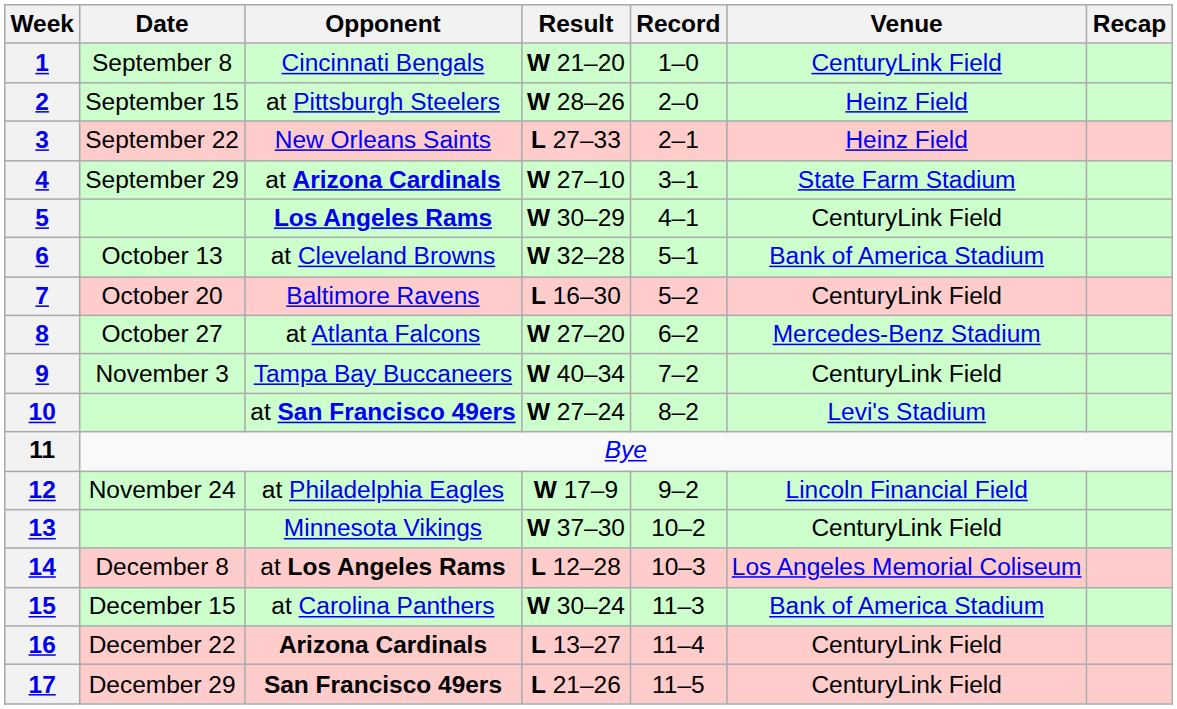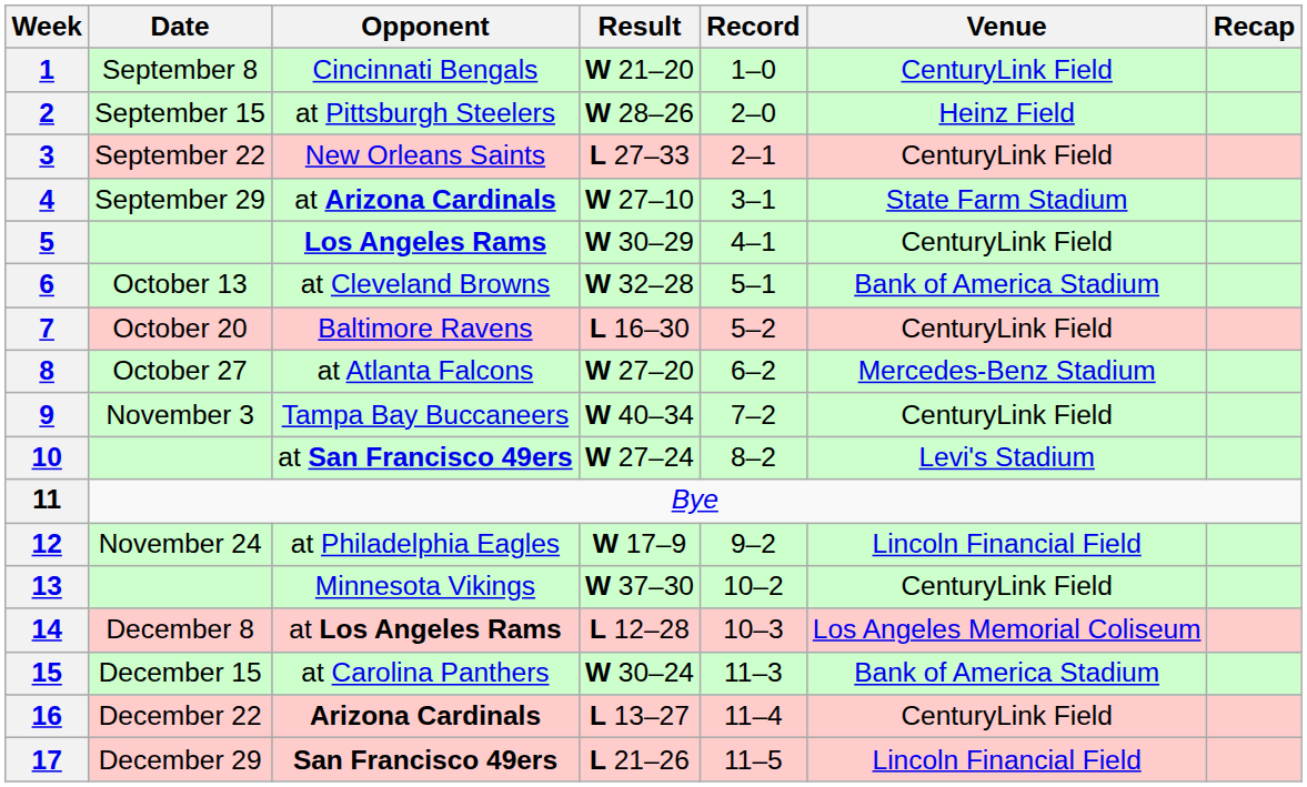 <table class="wikitable" style="text-align:center">
 <tr>
 <th>Week</th>
 <th>Date</th>
 <th>Opponent</th>
 <th>Result</th>
 <th>Record</th>
 <th>Venue</th>
 <th>Recap</th>
 </tr>
 <tr style="background:#cfc">
 <th><a href='#'>1</a></th>
 <td>September 8</td>
 <td><a href='#'>Cincinnati Bengals</a></td>
 <td><strong>W</strong> 21–20</td>
 <td>1–0</td>
 <td><a href='#'>CenturyLink Field</a></td>
 <td></td>
 </tr>
 <tr style="background:#cfc">
 <th><a href='#'>2</a></th>
 <td>September 15</td>
 <td>at <a href='#'>Pittsburgh Steelers</a></td>
 <td><strong>W</strong> 28–26</td>
 <td>2–0</td>
 <td><a href='#'>Heinz Field</a></td>
 <td></td>
 </tr>
 <tr style="background:#fcc">
 <th><a href='#'>3</a></th>
 <td>September 22</td>
 <td><a href='#'>New Orleans Saints</a></td>
 <td><strong>L</strong> 27–33</td>
 <td>2–1</td>
-<td><a href='#'>Heinz Field</a></td>
+<td>CenturyLink Field</td>
 <td></td>
 </tr>
 <tr style="background:#cfc">
 <th><a href='#'>4</a></th>
 <td>September 29</td>
 <td>at <strong><a href='#'>Arizona Cardinals</a></strong></td>
 <td><strong>W</strong> 27–10</td>
 <td>3–1</td>
 <td><a href='#'>State Farm Stadium</a></td>
 <td></td>
 </tr>
 <tr style="background:#cfc">
 <th><a href='#'>5</a></th>
 <td></td>
 <td><strong><a href='#'>Los Angeles Rams</a></strong></td>
 <td><strong>W</strong> 30–29</td>
 <td>4–1</td>
 <td>CenturyLink Field</td>
 <td></td>
 </tr>
 <tr style="background:#cfc">
 <th><a href='#'>6</a></th>
 <td>October 13</td>
 <td>at <a href='#'>Cleveland Browns</a></td>
 <td><strong>W</strong> 32–28</td>
 <td>5–1</td>
 <td><a href='#'>Bank of America Stadium</a></td>
 <td></td>
 </tr>
 <tr style="background:#fcc">
 <th><a href='#'>7</a></th>
 <td>October 20</td>
 <td><a href='#'>Baltimore Ravens</a></td>
 <td><strong>L</strong> 16–30</td>
 <td>5–2</td>
 <td>CenturyLink Field</td>
 <td></td>
 </tr>
 <tr style="background:#cfc">
 <th><a href='#'>8</a></th>
 <td>October 27</td>
 <td>at <a href='#'>Atlanta Falcons</a></td>
 <td><strong>W</strong> 27–20</td>
 <td>6–2</td>
 <td><a href='#'>Mercedes-Benz Stadium</a></td>
 <td></td>
 </tr>
 <tr style="background:#cfc">
 <th><a href='#'>9</a></th>
 <td>November 3</td>
 <td><a href='#'>Tampa Bay Buccaneers</a></td>
 <td><strong>W</strong> 40–34 </td>
 <td>7–2</td>
 <td>CenturyLink Field</td>
 <td></td>
 </tr>
 <tr style="background:#cfc">
 <th><a href='#'>10</a></th>
 <td></td>
 <td>at <strong><a href='#'>San Francisco 49ers</a></strong></td>
 <td><strong>W</strong> 27–24 </td>
 <td>8–2</td>
 <td><a href='#'>Levi's Stadium</a></td>
 <td></td>
 </tr>
 <tr>
 <th>11</th>
 <td colspan="6"><em><a href='#'>Bye</a></em></td>
 </tr>
 <tr style="background:#cfc">
 <th><a href='#'>12</a></th>
 <td>November 24</td>
 <td>at <a href='#'>Philadelphia Eagles</a></td>
 <td><strong>W</strong> 17–9</td>
 <td>9–2</td>
 <td><a href='#'>Lincoln Financial Field</a></td>
 <td></td>
 </tr>
 <tr style="background:#cfc">
 <th><a href='#'>13</a></th>
 <td></td>
 <td><a href='#'>Minnesota Vikings</a></td>
 <td><strong>W</strong> 37–30</td>
 <td>10–2</td>
 <td>CenturyLink Field</td>
 <td></td>
 </tr>
 <tr style="background:#fcc">
 <th><a href='#'>14</a></th>
 <td>December 8</td>
 <td>at <strong>Los Angeles Rams</strong></td>
 <td><strong>L</strong> 12–28</td>
 <td>10–3</td>
 <td><a href='#'>Los Angeles Memorial Coliseum</a></td>
 <td></td>
 </tr>
 <tr style="background:#cfc">
 <th><a href='#'>15</a></th>
 <td>December 15</td>
 <td>at <a href='#'>Carolina Panthers</a></td>
 <td><strong>W</strong> 30–24</td>
 <td>11–3</td>
 <td><a href='#'>Bank of America Stadium</a></td>
 <td></td>
 </tr>
 <tr style="background:#fcc">
 <th><a href='#'>16</a></th>
 <td>December 22</td>
 <td><strong>Arizona Cardinals</strong></td>
 <td><strong>L</strong> 13–27</td>
 <td>11–4</td>
 <td>CenturyLink Field</td>
 <td></td>
 </tr>
 <tr style="background:#fcc">
 <th><a href='#'>17</a></th>
 <td>December 29</td>
 <td><strong>San Francisco 49ers</strong></td>
 <td><strong>L</strong> 21–26</td>
 <td>11–5</td>
-<td>CenturyLink Field</td>
+<td><a href='#'>Lincoln Financial Field</a></td>
 <td></td>
 </tr>
 </table>
